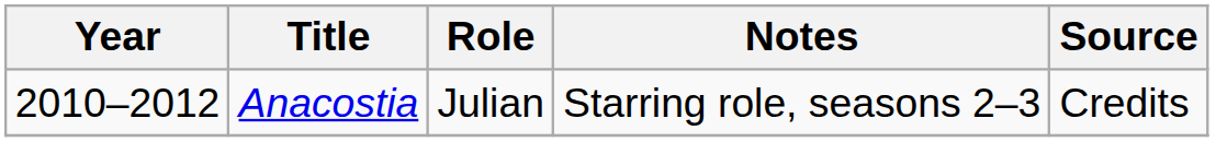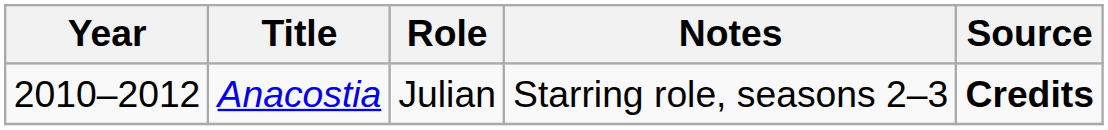 <table class="wikitable sortable plainrowheaders">
 <tr>
 <th>Year</th>
 <th>Title</th>
 <th>Role</th>
 <th class="unsortable">Notes</th>
 <th class="unsortable">Source</th>
 </tr>
 <tr>
 <td>2010–2012</td>
 <td><em><a href='#'>Anacostia</a></em></td>
 <td>Julian</td>
 <td>Starring role, seasons 2–3</td>
-<td>Credits</td>
+<td><strong>Credits</strong></td>
 </tr>
 <tr>
 </tr>
 </table>
